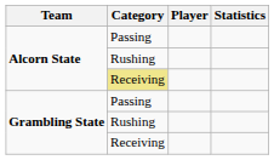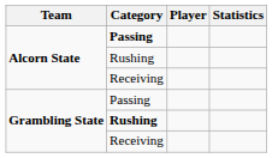 <table class="wikitable" style="float: right;">
 <tr>
 <th>Team</th>
 <th>Category</th>
 <th>Player</th>
 <th>Statistics</th>
 </tr>
 <tr>
 <td rowspan=3><strong>Alcorn State</strong></td>
-<td>Passing</td>
-<td></td>
-<td></td>
-</tr>
-<tr>
-<td>Rushing</td>
-<td></td>
-<td></td>
-</tr>
-<tr>
-<td style="background: khaki;">Receiving</td>
-<td></td>
-<td></td>
-</tr>
-<tr>
-<td rowspan=3><strong>Grambling State</strong></td>
-<td>Passing</td>
+<td><strong>Passing</strong></td>
 <td></td>
 <td></td>
 </tr>
 <tr>
 <td>Rushing</td>
 <td></td>
 <td></td>
 </tr>
 <tr>
 <td>Receiving</td>
 <td></td>
 <td></td>
 </tr>
+<tr>
+<td rowspan=3><strong>Grambling State</strong></td>
+<td>Passing</td>
+<td></td>
+<td></td>
+</tr>
+<tr>
+<td><strong>Rushing</strong></td>
+<td></td>
+<td></td>
+</tr>
+<tr>
+<td>Receiving</td>
+<td></td>
+<td></td>
+</tr>
 </table>
